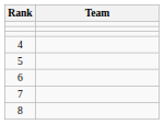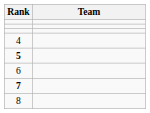 <table class="wikitable" style="text-align: center;">
 <tr>
 <th width=40>Rank</th>
 <th width=180>Team</th>
 </tr>
 <tr>
 <td></td>
 <td style="text-align:left;"></td>
 </tr>
 <tr align=center>
 <td></td>
 <td style="text-align:left;"></td>
 </tr>
 <tr align=center>
 <td></td>
 <td style="text-align:left;"></td>
 </tr>
 <tr align=center>
 <td>4</td>
 <td style="text-align:left;"></td>
 </tr>
 <tr align=center>
-<td>5</td>
+<td><strong>5</strong></td>
 <td style="text-align:left;"></td>
 </tr>
 <tr align=center>
 <td>6</td>
 <td style="text-align:left;"></td>
 </tr>
 <tr align=center>
-<td>7</td>
+<td><strong>7</strong></td>
 <td style="text-align:left;"></td>
 </tr>
 <tr align=center>
 <td>8</td>
 <td style="text-align:left;"></td>
 </tr>
 </table>
